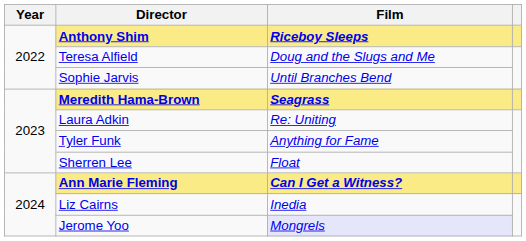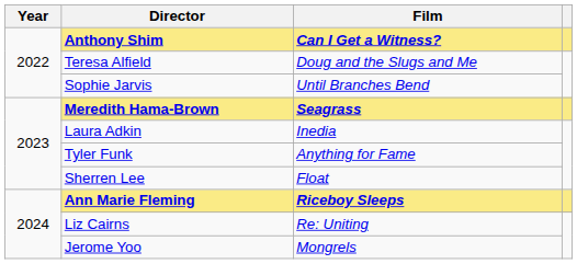 <table class="wikitable" width="100%" cellpadding="5">
 <tr>
 <th>Year</th>
 <th>Director</th>
 <th>Film</th>
 <th></th>
 </tr>
 <tr>
 <td style="text-align:center;" rowspan=3>2022</td>
 <td style="background:#FAEB86;"><strong><a href='#'>Anthony Shim</a></strong></td>
-<td style="background:#FAEB86;"><strong><em><a href='#'>Riceboy Sleeps</a></em></strong></td>
+<td style="background:#FAEB86;"><strong><em><a href='#'>Can I Get a Witness?</a></em></strong></td>
 <td style="background:#FAEB86;"></td>
 </tr>
 <tr>
 <td><a href='#'>Teresa Alfield</a></td>
 <td><em><a href='#'>Doug and the Slugs and Me</a></em></td>
 <td rowspan=2></td>
 </tr>
 <tr>
 <td><a href='#'>Sophie Jarvis</a></td>
 <td><em><a href='#'>Until Branches Bend</a></em></td>
 </tr>
 <tr>
 <td style="text-align:center;" rowspan=4>2023</td>
 <td style="background:#FAEB86;"><strong><a href='#'>Meredith Hama-Brown</a></strong></td>
 <td style="background:#FAEB86;"><strong><em><a href='#'>Seagrass</a></em></strong></td>
 <td style="background:#FAEB86;"></td>
 </tr>
 <tr>
 <td><a href='#'>Laura Adkin</a></td>
-<td><em><a href='#'>Re: Uniting</a></em></td>
+<td><em><a href='#'>Inedia</a></em></td>
 <td rowspan=3></td>
 </tr>
 <tr>
 <td><a href='#'>Tyler Funk</a></td>
 <td><em><a href='#'>Anything for Fame</a></em></td>
 </tr>
 <tr>
 <td><a href='#'>Sherren Lee</a></td>
 <td><em><a href='#'>Float</a></em></td>
 </tr>
 <tr>
 <td style="text-align:center;" rowspan=3>2024</td>
 <td style="background:#FAEB86;"><strong><a href='#'>Ann Marie Fleming</a></strong></td>
-<td style="background:#FAEB86;"><strong><em><a href='#'>Can I Get a Witness?</a></em></strong></td>
+<td style="background:#FAEB86;"><strong><em><a href='#'>Riceboy Sleeps</a></em></strong></td>
 <td style="background:#FAEB86;"></td>
 </tr>
 <tr>
 <td><a href='#'>Liz Cairns</a></td>
-<td><em><a href='#'>Inedia</a></em></td>
+<td><em><a href='#'>Re: Uniting</a></em></td>
 <td rowspan=2></td>
 </tr>
 <tr>
 <td><a href='#'>Jerome Yoo</a></td>
-<td style="background: lavender;"><em><a href='#'>Mongrels</a></em></td>
+<td><em><a href='#'>Mongrels</a></em></td>
 </tr>
 </table>
